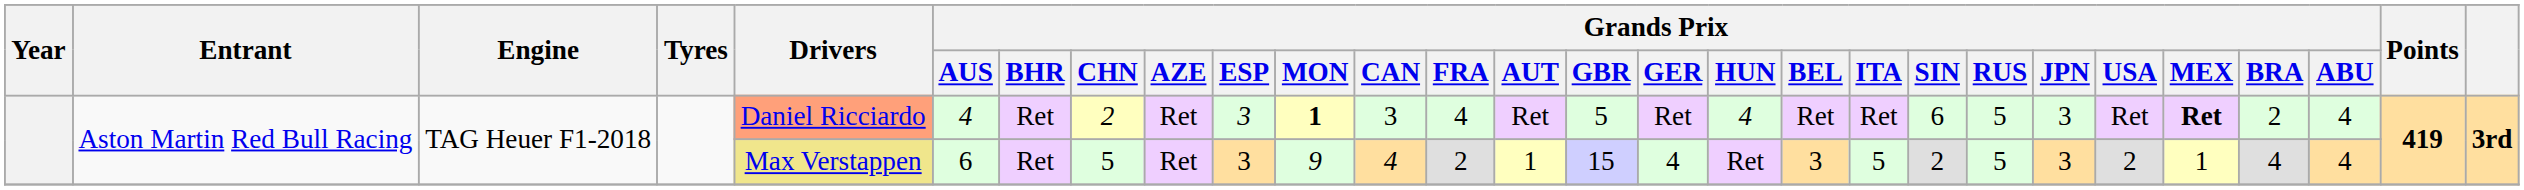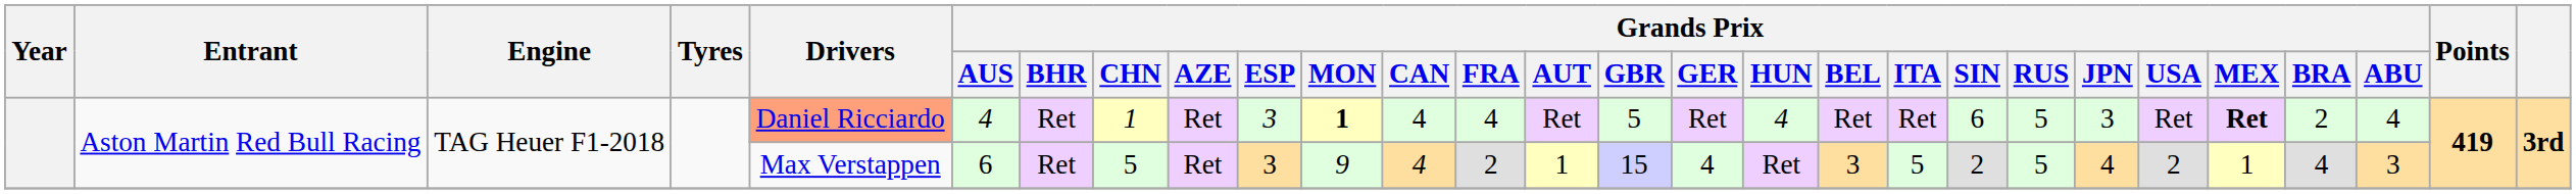 <table class="wikitable" style="text-align:center; font-size:90%">
 <tr>
 <th rowspan="2">Year</th>
 <th rowspan="2">Entrant</th>
 <th rowspan="2">Engine</th>
 <th rowspan="2">Tyres</th>
 <th rowspan="2">Drivers</th>
 <th colspan="21">Grands Prix</th>
 <th rowspan="2">Points</th>
 <th rowspan="2"></th>
 </tr>
 <tr>
 <th><a href='#'>AUS</a></th>
 <th><a href='#'>BHR</a></th>
 <th><a href='#'>CHN</a></th>
 <th><a href='#'>AZE</a></th>
 <th><a href='#'>ESP</a></th>
 <th><a href='#'>MON</a></th>
 <th><a href='#'>CAN</a></th>
 <th><a href='#'>FRA</a></th>
 <th><a href='#'>AUT</a></th>
 <th><a href='#'>GBR</a></th>
 <th><a href='#'>GER</a></th>
 <th><a href='#'>HUN</a></th>
 <th><a href='#'>BEL</a></th>
 <th><a href='#'>ITA</a></th>
 <th><a href='#'>SIN</a></th>
 <th><a href='#'>RUS</a></th>
 <th><a href='#'>JPN</a></th>
 <th><a href='#'>USA</a></th>
 <th><a href='#'>MEX</a></th>
 <th><a href='#'>BRA</a></th>
 <th><a href='#'>ABU</a></th>
 </tr>
 <tr>
 <th rowspan="2"></th>
 <td rowspan="2"><a href='#'>Aston Martin</a> <a href='#'>Red Bull Racing</a></td>
 <td rowspan="2">TAG Heuer F1-2018</td>
 <td rowspan="2"></td>
 <td style="background: lightsalmon;"> <a href='#'>Daniel Ricciardo</a></td>
 <td style="background-color:#dfffdf"><em>4</em></td>
 <td style="background-color:#efcfff">Ret</td>
-<td style="background-color:#ffffbf"><em>2</em></td>
+<td style="background-color:#ffffbf"><em>1</em></td>
 <td style="background-color:#efcfff">Ret</td>
 <td style="background-color:#dfffdf"><em>3</em></td>
 <td style="background-color:#ffffbf"><strong>1</strong></td>
-<td style="background-color:#dfffdf">3</td>
+<td style="background-color:#dfffdf">4</td>
 <td style="background-color:#dfffdf">4</td>
 <td style="background-color:#efcfff">Ret</td>
 <td style="background-color:#dfffdf">5</td>
 <td style="background-color:#efcfff">Ret</td>
 <td style="background-color:#dfffdf"><em>4</em></td>
 <td style="background-color:#efcfff">Ret</td>
 <td style="background-color:#efcfff">Ret</td>
 <td style="background-color:#dfffdf">6</td>
 <td style="background-color:#dfffdf">5</td>
 <td style="background-color:#dfffdf">3</td>
 <td style="background-color:#efcfff">Ret</td>
 <td style="background-color:#efcfff"><strong>Ret</strong></td>
 <td style="background-color:#dfffdf">2</td>
 <td style="background-color:#dfffdf">4</td>
 <td rowspan="2" style="background:#ffdf9f;"><strong>419</strong></td>
 <td rowspan="2" style="background:#ffdf9f;"><strong>3rd</strong></td>
 </tr>
 <tr>
-<td style="background: khaki;"> <a href='#'>Max Verstappen</a></td>
+<td> <a href='#'>Max Verstappen</a></td>
 <td style="background-color:#dfffdf">6</td>
 <td style="background-color:#efcfff">Ret</td>
 <td style="background-color:#dfffdf">5</td>
 <td style="background-color:#efcfff">Ret</td>
 <td style="background-color:#ffdf9f">3</td>
 <td style="background-color:#dfffdf"><em>9</em></td>
 <td style="background-color:#ffdf9f"><em>4</em></td>
 <td style="background-color:#dfdfdf">2</td>
 <td style="background-color:#ffffbf">1</td>
 <td style="background-color:#cfcfff">15</td>
 <td style="background-color:#dfffdf">4</td>
 <td style="background-color:#efcfff">Ret</td>
 <td style="background-color:#ffdf9f">3</td>
 <td style="background-color:#dfffdf">5</td>
 <td style="background-color:#dfdfdf">2</td>
 <td style="background-color:#dfffdf">5</td>
-<td style="background-color:#ffdf9f">3</td>
+<td style="background-color:#ffdf9f">4</td>
 <td style="background-color:#dfdfdf">2</td>
 <td style="background-color:#ffffbf">1</td>
 <td style="background-color:#dfdfdf">4</td>
-<td style="background-color:#ffdf9f">4</td>
+<td style="background-color:#ffdf9f">3</td>
 </tr>
 <tr>
 </tr>
 </table>
